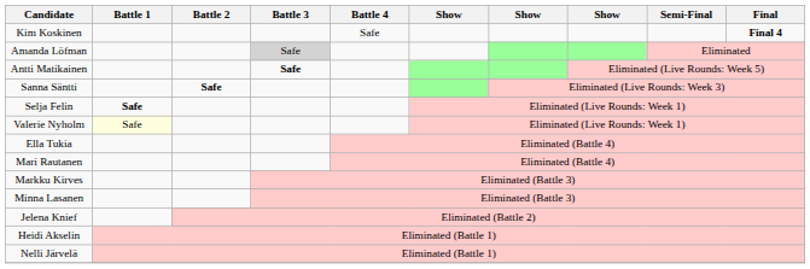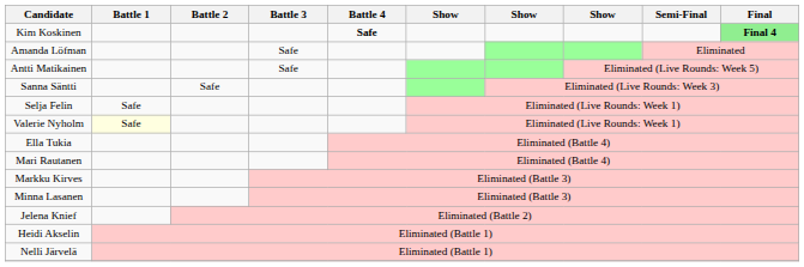 <table class="wikitable" style="text-align:center; font-size:85%">
 <tr>
 <th width="100px">Candidate</th>
 <th width="90px">Battle 1</th>
 <th width="90px">Battle 2</th>
 <th width="90px">Battle 3</th>
 <th width="90px">Battle 4</th>
 <th width="90px">Show</th>
 <th width="90px">Show</th>
 <th width="90px">Show</th>
 <th width="90px">Semi-Final</th>
 <th width="90px">Final</th>
 </tr>
 <tr>
 <td>Kim Koskinen</td>
 <td></td>
 <td></td>
 <td></td>
-<td>Safe</td>
+<td><strong>Safe</strong></td>
 <td></td>
 <td></td>
 <td></td>
 <td></td>
-<td><strong>Final 4</strong></td>
+<td style="background: lightgreen;"><strong>Final 4</strong></td>
 </tr>
 <tr>
 <td>Amanda Löfman</td>
 <td></td>
 <td></td>
-<td style="background: lightgrey;">Safe</td>
+<td>Safe</td>
 <td></td>
 <td></td>
 <td style="background:#99ff99"> </td>
 <td style="background:#99ff99"> </td>
 <td style="background:#ffcbcb" colspan=2>Eliminated</td>
 </tr>
 <tr>
 <td>Antti Matikainen</td>
 <td></td>
 <td></td>
-<td><strong>Safe</strong></td>
+<td>Safe</td>
 <td></td>
 <td style="background:#99ff99"> </td>
 <td style="background:#99ff99"> </td>
 <td style="background:#ffcbcb" colspan=3>Eliminated (Live Rounds: Week 5)</td>
 </tr>
 <tr>
 <td>Sanna Säntti</td>
 <td></td>
-<td><strong>Safe</strong></td>
+<td>Safe</td>
 <td></td>
 <td></td>
 <td style="background:#99ff99"> </td>
 <td style="background:#ffcbcb" colspan=4>Eliminated (Live Rounds: Week 3)</td>
 </tr>
 <tr>
 <td>Selja Felin</td>
-<td><strong>Safe</strong></td>
+<td>Safe</td>
 <td></td>
 <td></td>
 <td></td>
 <td style="background:#ffcbcb" colspan=5>Eliminated (Live Rounds: Week 1)</td>
 </tr>
 <tr>
 <td>Valerie Nyholm</td>
 <td style="background: lightyellow;">Safe</td>
 <td></td>
 <td></td>
 <td></td>
 <td style="background:#ffcbcb" colspan=5>Eliminated (Live Rounds: Week 1)</td>
 </tr>
 <tr>
 <td>Ella Tukia</td>
 <td></td>
 <td></td>
 <td></td>
 <td style="background:#ffcbcb" colspan=7>Eliminated (Battle 4)</td>
 </tr>
 <tr>
 <td>Mari Rautanen</td>
 <td></td>
 <td></td>
 <td></td>
 <td style="background:#ffcbcb" colspan=7>Eliminated (Battle 4)</td>
 </tr>
 <tr>
 <td>Markku Kirves</td>
 <td></td>
 <td></td>
 <td style="background:#ffcbcb" colspan=8>Eliminated (Battle 3)</td>
 </tr>
 <tr>
 <td>Minna Lasanen</td>
 <td></td>
 <td></td>
 <td style="background:#ffcbcb" colspan=8>Eliminated (Battle 3)</td>
 </tr>
 <tr>
 <td>Jelena Knief</td>
 <td></td>
 <td style="background:#ffcbcb" colspan=9>Eliminated (Battle 2)</td>
 </tr>
 <tr>
 <td>Heidi Akselin</td>
 <td style="background:#ffcbcb" colspan=10>Eliminated (Battle 1)</td>
 </tr>
 <tr>
 <td>Nelli Järvelä</td>
 <td style="background:#ffcbcb" colspan=10>Eliminated (Battle 1)</td>
 </tr>
 <tr>
 </tr>
 </table>
